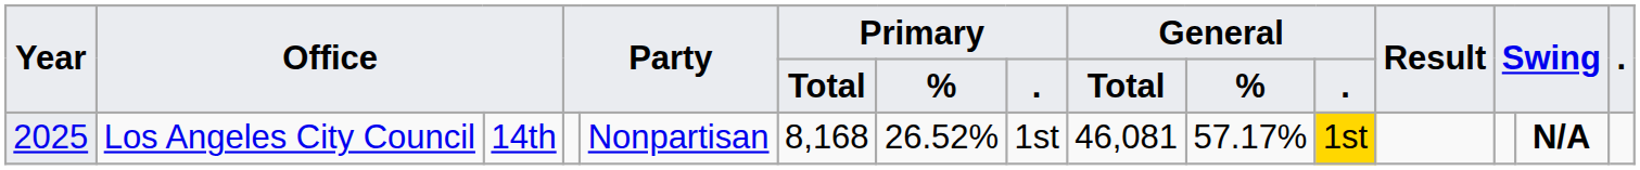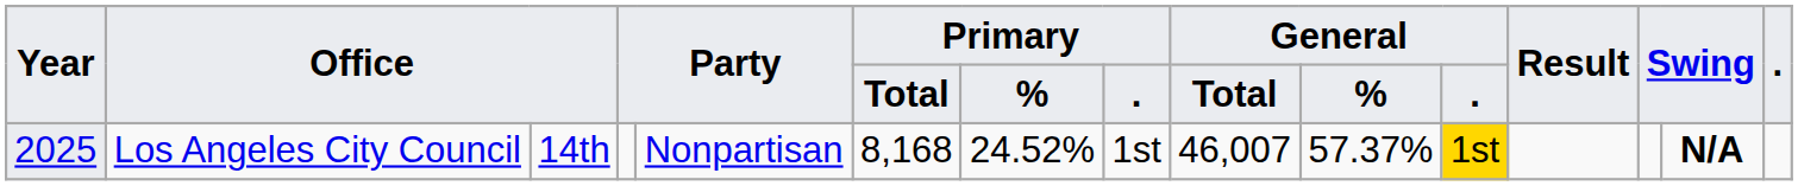 <table class="wikitable" style="font-size:90%; text-align:center;">
 <tr>
 <th style="background-color:#EAECF0;" rowspan=2>Year</th>
 <th colspan="2" rowspan="2" style="background-color:#EAECF0;">Office</th>
 <th style="background-color:#EAECF0;" colspan=2 rowspan=2>Party</th>
 <th style="background-color:#EAECF0;" colspan=3>Primary</th>
 <th style="background-color:#EAECF0;" colspan=3>General</th>
 <th style="background-color:#EAECF0;" rowspan=2>Result</th>
 <th style="background-color:#EAECF0;" colspan=2 rowspan=2><a href='#'>Swing</a></th>
 <th style="background-color:#EAECF0;" rowspan=2>.</th>
 </tr>
 <tr>
 <th style="background-color:#EAECF0;">Total</th>
 <th style="background-color:#EAECF0;">%</th>
 <th style="background-color:#EAECF0;">.</th>
 <th style="background-color:#EAECF0;">Total</th>
 <th style="background-color:#EAECF0;">%</th>
 <th style="background-color:#EAECF0;">.</th>
 </tr>
 <tr>
 <td style="background-color:#EAECF0;"><a href='#'>2025</a></td>
 <td rowspan=2><a href='#'>Los Angeles City Council</a></td>
 <td rowspan="2"><a href='#'>14th</a></td>
 <td style="background-color:"></td>
 <td><a href='#'>Nonpartisan</a></td>
 <td>8,168</td>
-<td>26.52%</td>
+<td>24.52%</td>
 <td>1st</td>
-<td colspan=1>46,081</td>
-<td colspan=1>57.17%</td>
+<td colspan=1>46,007</td>
+<td colspan=1>57.37%</td>
 <td style="background: gold;">1st</td>
 <td></td>
 <td style="background-color:"></td>
 <td><strong>N/A</strong></td>
 <td></td>
 </tr>
 </table>
